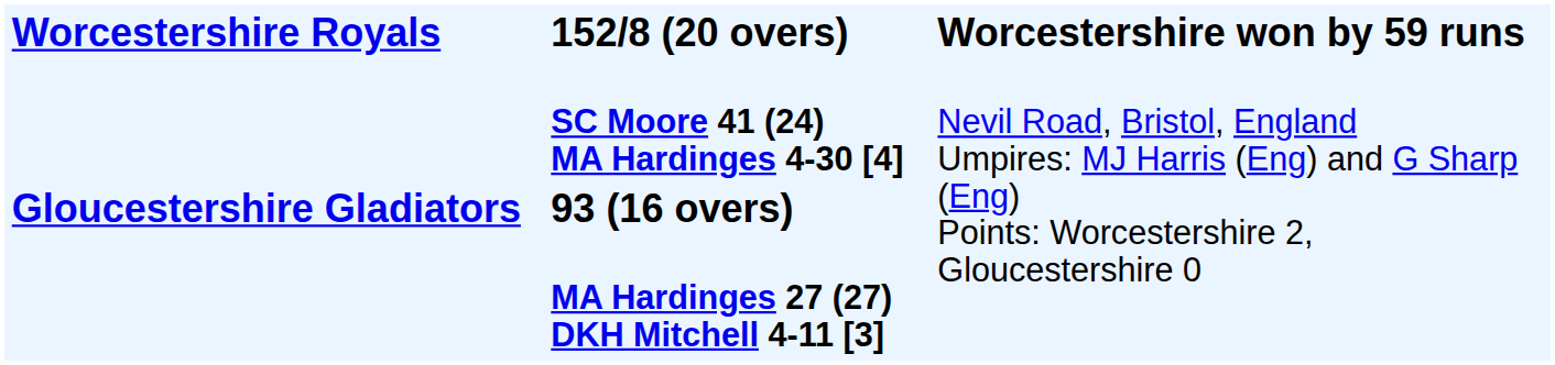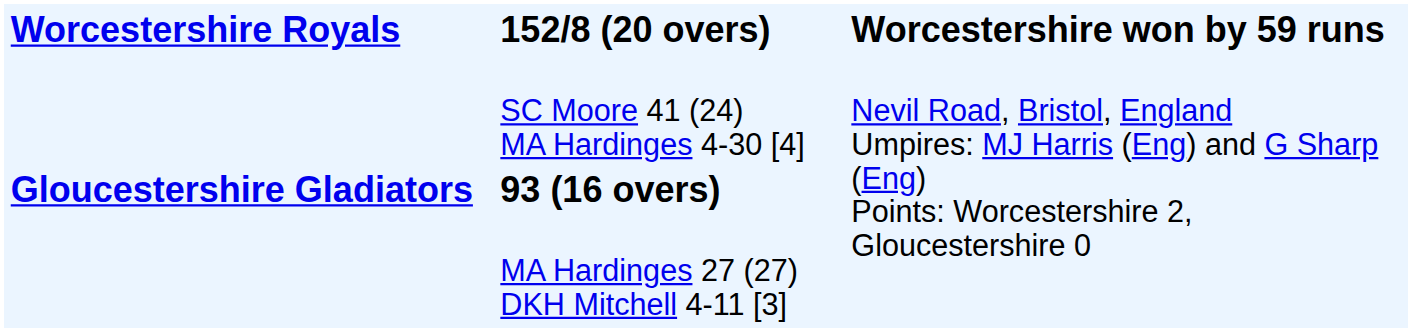 <table style="width:100%; background:#ebf5ff;">
 <tr>
 <td style="width:35%; vertical-align:top;" rowspan="2"><strong><a href='#'>Worcestershire Royals</a></strong></td>
 <td style="width:25%;"><strong>152/8 (20 overs)</strong></td>
 <td style="width:40%;"><strong>Worcestershire won by 59 runs</strong></td>
 </tr>
 <tr>
-<td style="font-size: 85%;"><strong><br><a href='#'>SC Moore</a> 41 (24)<br> <a href='#'>MA Hardinges</a> 4-30 [4]</strong></td>
+<td style="font-size: 85%;"><br><a href='#'>SC Moore</a> 41 (24)<br> <a href='#'>MA Hardinges</a> 4-30 [4]</td>
 <td style="vertical-align:top; font-size:85%;" rowspan="3"><br><a href='#'>Nevil Road</a>, <a href='#'>Bristol</a>, <a href='#'>England</a><br> Umpires: <a href='#'>MJ Harris</a> (<a href='#'>Eng</a>) and <a href='#'>G Sharp</a> (<a href='#'>Eng</a>)<br> Points: Worcestershire 2, Gloucestershire 0</td>
 </tr>
 <tr>
 <td style="vertical-align:top;" rowspan="2"><strong><a href='#'>Gloucestershire Gladiators</a></strong></td>
 <td><strong>93 (16 overs)</strong></td>
 </tr>
 <tr>
-<td style="font-size: 85%;"><strong><br><a href='#'>MA Hardinges</a> 27 (27)<br> <a href='#'>DKH Mitchell</a> 4-11 [3]</strong></td>
+<td style="font-size: 85%;"><br><a href='#'>MA Hardinges</a> 27 (27)<br> <a href='#'>DKH Mitchell</a> 4-11 [3]</td>
 </tr>
 </table>
